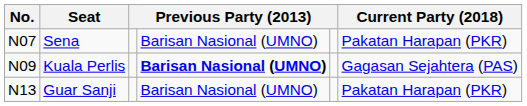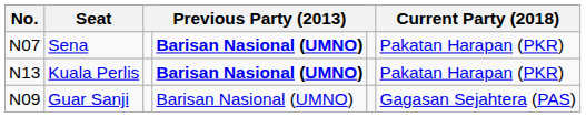 <table class="wikitable sortable" style="font-size:95%;">
 <tr>
 <th scope="col">No.</th>
 <th scope="col">Seat</th>
 <th colspan="3" scope="col">Previous Party (2013)</th>
 <th colspan="3" scope="col">Current Party (2018)</th>
 </tr>
 <tr>
 <td>N07</td>
 <td> <a href='#'>Sena</a></td>
 <td width="1"></td>
-<td><a href='#'>Barisan Nasional</a> (<a href='#'>UMNO</a>)</td>
+<td><strong><a href='#'>Barisan Nasional</a> (<a href='#'>UMNO</a>)</strong></td>
+<td width="1"></td>
+<td><a href='#'>Pakatan Harapan</a> (<a href='#'>PKR</a>)</td>
+</tr>
+<tr>
+<td>N13</td>
+<td> <a href='#'>Kuala Perlis</a></td>
+<td width="1"></td>
+<td><strong><a href='#'>Barisan Nasional</a> (<a href='#'>UMNO</a>)</strong></td>
 <td width="1"></td>
 <td><a href='#'>Pakatan Harapan</a> (<a href='#'>PKR</a>)</td>
 </tr>
 <tr>
 <td>N09</td>
-<td> <a href='#'>Kuala Perlis</a></td>
-<td width="1"></td>
-<td><strong><a href='#'>Barisan Nasional</a> (<a href='#'>UMNO</a>)</strong></td>
-<td width="1"></td>
-<td><a href='#'>Gagasan Sejahtera</a> (<a href='#'>PAS</a>)</td>
-</tr>
-<tr>
-<td>N13</td>
 <td> <a href='#'>Guar Sanji</a></td>
 <td width="1"></td>
 <td><a href='#'>Barisan Nasional</a> (<a href='#'>UMNO</a>)</td>
 <td width="1"></td>
-<td><a href='#'>Pakatan Harapan</a> (<a href='#'>PKR</a>)</td>
+<td><a href='#'>Gagasan Sejahtera</a> (<a href='#'>PAS</a>)</td>
 </tr>
 </table>
